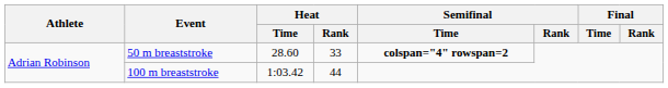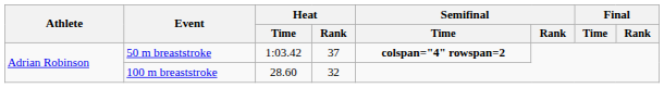 <table class="wikitable" style="text-align:center; font-size:90%; width:50%;">
 <tr>
 <th rowspan="2">Athlete</th>
 <th rowspan="2">Event</th>
 <th colspan="2">Heat</th>
 <th colspan="2">Semifinal</th>
 <th colspan="2">Final</th>
 </tr>
 <tr style="font-size:95%">
 <th>Time</th>
 <th>Rank</th>
 <th>Time</th>
 <th>Rank</th>
 <th>Time</th>
 <th>Rank</th>
 </tr>
 <tr>
 <td align=left rowspan=2><a href='#'>Adrian Robinson</a></td>
 <td align=left><a href='#'>50 m breaststroke</a></td>
-<td>28.60</td>
-<td>33</td>
+<td>1:03.42</td>
+<td>37</td>
 <td><strong>colspan="4" rowspan=2 </strong></td>
 </tr>
 <tr>
 <td align=left><a href='#'>100 m breaststroke</a></td>
-<td>1:03.42</td>
-<td>44</td>
+<td>28.60</td>
+<td>32</td>
 </tr>
 </table>
